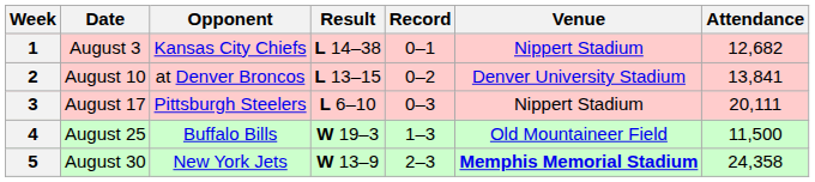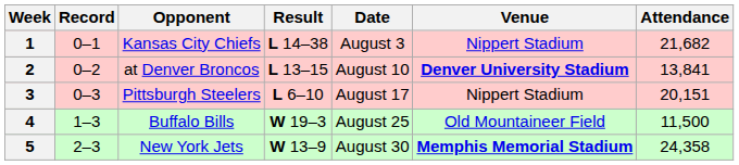 <table class="wikitable" style="text-align:center">
 <tr>
 <th>Week</th>
-<th>Date</th>
+<th>Record</th>
 <th>Opponent</th>
 <th>Result</th>
-<th>Record</th>
+<th>Date</th>
 <th>Venue</th>
 <th>Attendance</th>
 </tr>
 <tr style="background:#fcc">
 <th>1</th>
-<td>August 3</td>
+<td>0–1</td>
 <td><a href='#'>Kansas City Chiefs</a></td>
 <td><strong>L</strong> 14–38</td>
-<td>0–1</td>
+<td>August 3</td>
 <td><a href='#'>Nippert Stadium</a></td>
-<td>12,682</td>
+<td>21,682</td>
 </tr>
 <tr style="background:#fcc">
 <th>2</th>
-<td>August 10</td>
+<td>0–2</td>
 <td>at <a href='#'>Denver Broncos</a></td>
 <td><strong>L</strong> 13–15</td>
-<td>0–2</td>
-<td><a href='#'>Denver University Stadium</a></td>
+<td>August 10</td>
+<td><strong><a href='#'>Denver University Stadium</a></strong></td>
 <td>13,841</td>
 </tr>
 <tr style="background:#fcc">
 <th>3</th>
-<td>August 17</td>
+<td>0–3</td>
 <td><a href='#'>Pittsburgh Steelers</a></td>
 <td><strong>L</strong> 6–10</td>
-<td>0–3</td>
+<td>August 17</td>
 <td>Nippert Stadium</td>
-<td>20,111</td>
+<td>20,151</td>
 </tr>
 <tr style="background:#cfc">
 <th>4</th>
-<td>August 25</td>
+<td>1–3</td>
 <td><a href='#'>Buffalo Bills</a></td>
 <td><strong>W</strong> 19–3</td>
-<td>1–3</td>
+<td>August 25</td>
 <td><a href='#'>Old Mountaineer Field</a></td>
 <td>11,500</td>
 </tr>
 <tr style="background:#cfc">
 <th>5</th>
-<td>August 30</td>
+<td>2–3</td>
 <td><a href='#'>New York Jets</a></td>
 <td><strong>W</strong> 13–9</td>
-<td>2–3</td>
+<td>August 30</td>
 <td><strong><a href='#'>Memphis Memorial Stadium</a></strong></td>
 <td>24,358</td>
 </tr>
 </table>
